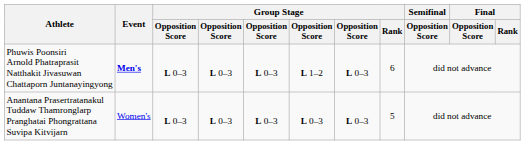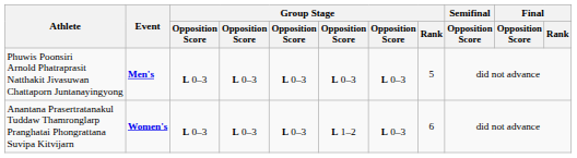 <table class=wikitable style=font-size:90%;text-align:center>
 <tr>
 <th rowspan="2">Athlete</th>
 <th rowspan="2">Event</th>
 <th colspan="6">Group Stage</th>
 <th>Semifinal</th>
 <th colspan="2">Final</th>
 </tr>
 <tr style="font-size:95%">
 <th>Opposition<br>Score</th>
 <th>Opposition<br>Score</th>
 <th>Opposition<br>Score</th>
 <th>Opposition<br>Score</th>
 <th>Opposition<br>Score</th>
 <th>Rank</th>
 <th>Opposition<br>Score</th>
 <th>Opposition<br>Score</th>
 <th>Rank</th>
 </tr>
 <tr>
 <td align=left>Phuwis Poonsiri<br>Arnold Phatraprasit<br>Natthakit Jivasuwan<br>Chattaporn Juntanayingyong</td>
 <td align=left><strong><a href='#'>Men's</a></strong></td>
 <td><br><strong>L</strong> 0–3</td>
 <td><br><strong>L</strong> 0–3</td>
 <td><br><strong>L</strong> 0–3</td>
+<td><br><strong>L</strong> 0–3</td>
+<td><br><strong>L</strong> 0–3</td>
+<td>5</td>
+<td colspan=3>did not advance</td>
+</tr>
+<tr>
+<td align=left>Anantana Prasertratanakul<br>Tuddaw Thamronglarp<br>Pranghatai Phongrattana<br>Suvipa Kitvijarn</td>
+<td align=left><strong><a href='#'>Women's</a></strong></td>
+<td><br><strong>L</strong> 0–3</td>
+<td><br><strong>L</strong> 0–3</td>
+<td><br><strong>L</strong> 0–3</td>
 <td><br><strong>L</strong> 1–2</td>
 <td><br><strong>L</strong> 0–3</td>
 <td>6</td>
 <td colspan=3>did not advance</td>
 </tr>
-<tr>
-<td align=left>Anantana Prasertratanakul<br>Tuddaw Thamronglarp<br>Pranghatai Phongrattana<br>Suvipa Kitvijarn</td>
-<td align=left><a href='#'>Women's</a></td>
-<td><br><strong>L</strong> 0–3</td>
-<td><br><strong>L</strong> 0–3</td>
-<td><br><strong>L</strong> 0–3</td>
-<td><br><strong>L</strong> 0–3</td>
-<td><br><strong>L</strong> 0–3</td>
-<td>5</td>
-<td colspan=3>did not advance</td>
-</tr>
 </table>
